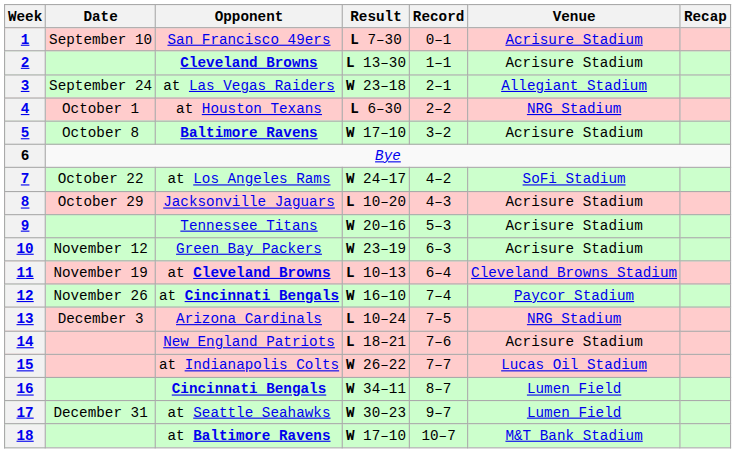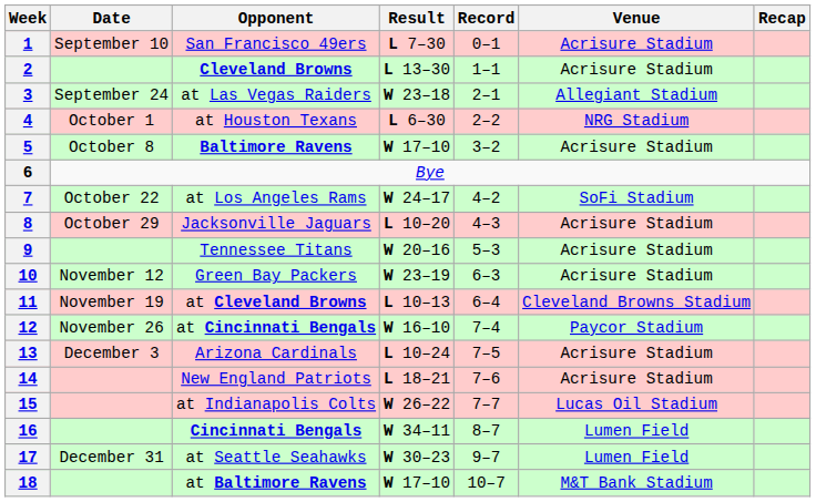 <table class="wikitable" style="text-align:center">
 <tr>
 <th>Week</th>
 <th>Date</th>
 <th>Opponent</th>
 <th>Result</th>
 <th>Record</th>
 <th>Venue</th>
 <th>Recap</th>
 </tr>
 <tr style="background:#fcc">
 <th><a href='#'>1</a></th>
 <td>September 10</td>
 <td><a href='#'>San Francisco 49ers</a></td>
 <td><strong>L</strong> 7–30</td>
 <td>0–1</td>
 <td><a href='#'>Acrisure Stadium</a></td>
 <td></td>
 </tr>
 <tr style="background:#cfc">
 <th><a href='#'>2</a></th>
 <td></td>
 <td><strong><a href='#'>Cleveland Browns</a></strong></td>
 <td><strong>L</strong> 13–30</td>
 <td>1–1</td>
 <td>Acrisure Stadium</td>
 <td></td>
 </tr>
 <tr style="background:#cfc">
 <th><a href='#'>3</a></th>
 <td>September 24</td>
 <td>at <a href='#'>Las Vegas Raiders</a></td>
 <td><strong>W</strong> 23–18</td>
 <td>2–1</td>
 <td><a href='#'>Allegiant Stadium</a></td>
 <td></td>
 </tr>
 <tr style="background:#fcc">
 <th><a href='#'>4</a></th>
 <td>October 1</td>
 <td>at <a href='#'>Houston Texans</a></td>
 <td><strong>L</strong> 6–30</td>
 <td>2–2</td>
 <td><a href='#'>NRG Stadium</a></td>
 <td></td>
 </tr>
 <tr style="background:#cfc">
 <th><a href='#'>5</a></th>
 <td>October 8</td>
 <td><strong><a href='#'>Baltimore Ravens</a></strong></td>
 <td><strong>W</strong> 17–10</td>
 <td>3–2</td>
 <td>Acrisure Stadium</td>
 <td></td>
 </tr>
 <tr>
 <th>6</th>
 <td colspan="6"><em><a href='#'>Bye</a></em></td>
 </tr>
 <tr style="background:#cfc">
 <th><a href='#'>7</a></th>
 <td>October 22</td>
 <td>at <a href='#'>Los Angeles Rams</a></td>
 <td><strong>W</strong> 24–17</td>
 <td>4–2</td>
 <td><a href='#'>SoFi Stadium</a></td>
 <td></td>
 </tr>
 <tr style="background:#fcc">
 <th><a href='#'>8</a></th>
 <td>October 29</td>
 <td><a href='#'>Jacksonville Jaguars</a></td>
 <td><strong>L</strong> 10–20</td>
 <td>4–3</td>
 <td>Acrisure Stadium</td>
 <td></td>
 </tr>
 <tr style="background:#cfc">
 <th><a href='#'>9</a></th>
 <td></td>
 <td><a href='#'>Tennessee Titans</a></td>
 <td><strong>W</strong> 20–16</td>
 <td>5–3</td>
 <td>Acrisure Stadium</td>
 <td></td>
 </tr>
 <tr style="background:#cfc">
 <th><a href='#'>10</a></th>
 <td>November 12</td>
 <td><a href='#'>Green Bay Packers</a></td>
 <td><strong>W</strong> 23–19</td>
 <td>6–3</td>
 <td>Acrisure Stadium</td>
 <td></td>
 </tr>
 <tr style="background:#fcc">
 <th><a href='#'>11</a></th>
 <td>November 19</td>
 <td>at <strong><a href='#'>Cleveland Browns</a></strong></td>
 <td><strong>L</strong> 10–13</td>
 <td>6–4</td>
 <td><a href='#'>Cleveland Browns Stadium</a></td>
 <td></td>
 </tr>
 <tr style="background:#cfc">
 <th><a href='#'>12</a></th>
 <td>November 26</td>
 <td>at <strong><a href='#'>Cincinnati Bengals</a></strong></td>
 <td><strong>W</strong> 16–10</td>
 <td>7–4</td>
 <td><a href='#'>Paycor Stadium</a></td>
 <td></td>
 </tr>
 <tr style="background:#fcc">
 <th><a href='#'>13</a></th>
 <td>December 3</td>
 <td><a href='#'>Arizona Cardinals</a></td>
 <td><strong>L</strong> 10–24</td>
 <td>7–5</td>
-<td><a href='#'>NRG Stadium</a></td>
+<td>Acrisure Stadium</td>
 <td></td>
 </tr>
 <tr style="background:#fcc">
 <th><a href='#'>14</a></th>
 <td></td>
 <td><a href='#'>New England Patriots</a></td>
 <td><strong>L</strong> 18–21</td>
 <td>7–6</td>
 <td>Acrisure Stadium</td>
 <td></td>
 </tr>
 <tr style="background:#fcc">
 <th><a href='#'>15</a></th>
 <td></td>
 <td>at <a href='#'>Indianapolis Colts</a></td>
 <td><strong>W</strong> 26–22</td>
 <td>7–7</td>
 <td><a href='#'>Lucas Oil Stadium</a></td>
 <td></td>
 </tr>
 <tr style="background:#cfc">
 <th><a href='#'>16</a></th>
 <td></td>
 <td><strong><a href='#'>Cincinnati Bengals</a></strong></td>
 <td><strong>W</strong> 34–11</td>
 <td>8–7</td>
 <td><a href='#'>Lumen Field</a></td>
 <td></td>
 </tr>
 <tr style="background:#cfc">
 <th><a href='#'>17</a></th>
 <td>December 31</td>
 <td>at <a href='#'>Seattle Seahawks</a></td>
 <td><strong>W</strong> 30–23</td>
 <td>9–7</td>
 <td><a href='#'>Lumen Field</a></td>
 <td></td>
 </tr>
 <tr style="background:#cfc">
 <th><a href='#'>18</a></th>
 <td></td>
 <td>at <strong><a href='#'>Baltimore Ravens</a></strong></td>
 <td><strong>W</strong> 17–10</td>
 <td>10–7</td>
 <td><a href='#'>M&T Bank Stadium</a></td>
 <td></td>
 </tr>
 </table>
